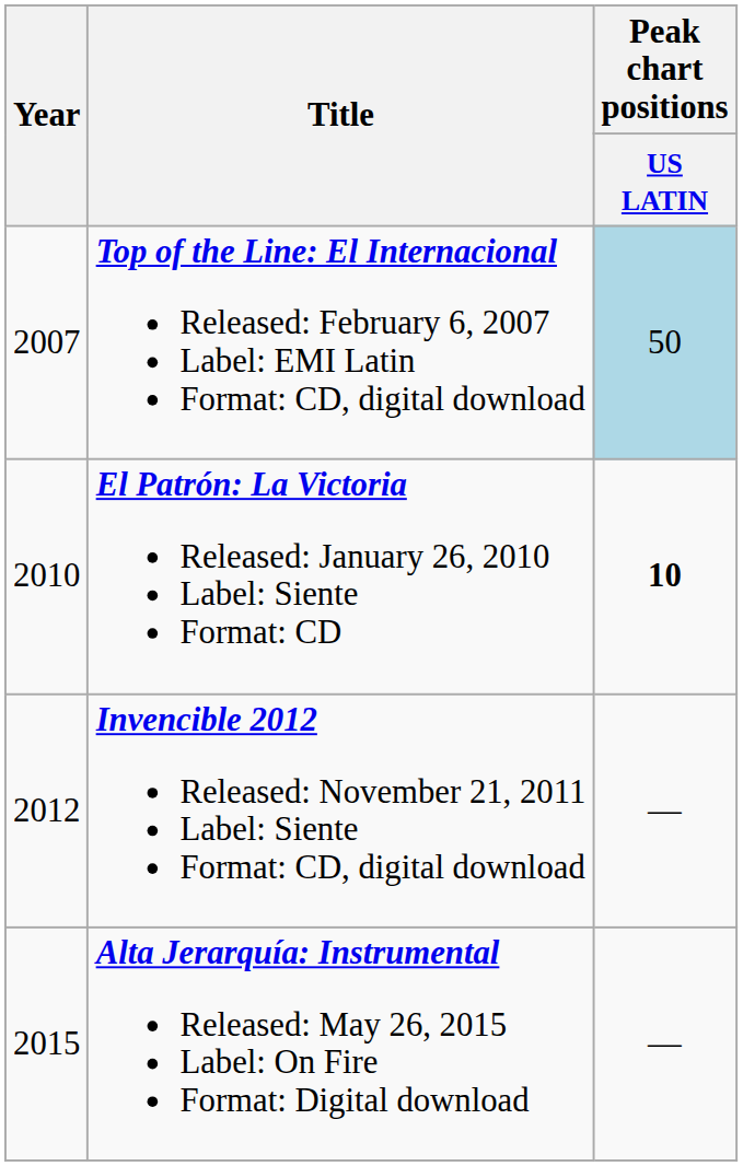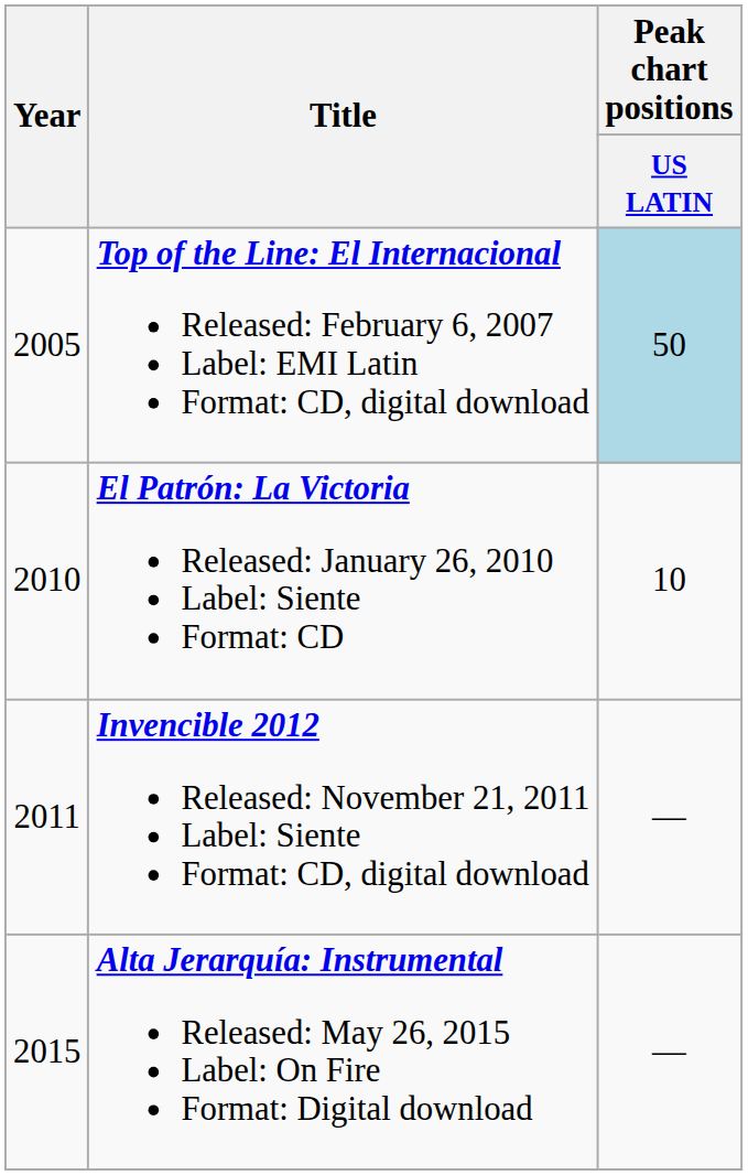 <table class="wikitable">
 <tr>
 <th align="center" rowspan="2">Year</th>
 <th align="center" rowspan="2">Title</th>
 <th colspan="1">Peak chart positions</th>
 </tr>
 <tr>
 <th width="30"><small><a href='#'>US<br>LATIN</a></small><br></th>
 </tr>
 <tr>
-<td align="center">2007</td>
+<td align="center">2005</td>
 <td><strong><em><a href='#'>Top of the Line: El Internacional</a></em></strong><br><ul><li>Released: February 6, 2007</li><li>Label: EMI Latin</li><li>Format: CD, digital download</li></ul></td>
 <td align="center" style="background: lightblue;">50</td>
 </tr>
 <tr>
 <td align="center">2010</td>
 <td><strong><em><a href='#'>El Patrón: La Victoria</a></em></strong><br><ul><li>Released: January 26, 2010</li><li>Label: Siente</li><li>Format: CD</li></ul></td>
-<td align="center"><strong>10</strong></td>
+<td align="center">10</td>
 </tr>
 <tr>
-<td align="center">2012</td>
+<td align="center">2011</td>
 <td><strong><em><a href='#'>Invencible 2012</a></em></strong><br><ul><li>Released: November 21, 2011</li><li>Label: Siente</li><li>Format: CD, digital download</li></ul></td>
 <td align="center">—</td>
 </tr>
 <tr>
 <td align="center">2015</td>
 <td><strong><em><a href='#'>Alta Jerarquía: Instrumental</a></em></strong><br><ul><li>Released: May 26, 2015</li><li>Label: On Fire</li><li>Format: Digital download</li></ul></td>
 <td align="center">—</td>
 </tr>
 </table>
